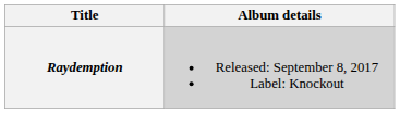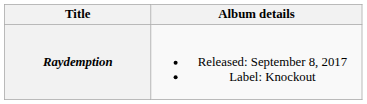 <table class="wikitable plainrowheaders" style="text-align:center;" border="1">
 <tr>
 <th scope="col" style="width:11em;">Title</th>
 <th scope="col" style="width:16em;">Album details</th>
 </tr>
 <tr>
 <th scope="row"><em>Raydemption</em></th>
-<td style="background: lightgrey;"><br><ul><li>Released: September 8, 2017</li><li>Label: Knockout</li></ul></td>
+<td><br><ul><li>Released: September 8, 2017</li><li>Label: Knockout</li></ul></td>
 </tr>
 </table>
